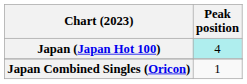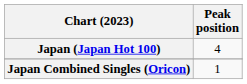 <table class="wikitable sortable plainrowheaders" style="text-align:center">
 <tr>
 <th scope="col">Chart (2023)</th>
 <th scope="col">Peak<br>position</th>
 </tr>
 <tr>
 <th scope="row">Japan (<a href='#'>Japan Hot 100</a>)</th>
-<td style="background: paleturquoise;">4</td>
+<td>4</td>
 </tr>
 <tr>
 </tr>
 <tr>
 <th scope="row">Japan Combined Singles (<a href='#'>Oricon</a>)</th>
 <td>1</td>
 </tr>
 </table>
